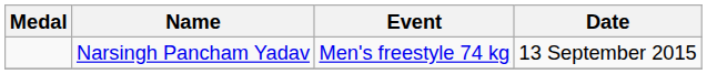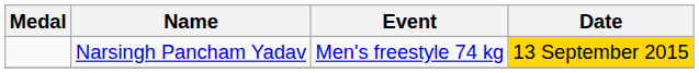 <table class="wikitable sortable" style="font-size:95%">
 <tr>
 <th>Medal</th>
 <th>Name</th>
 <th>Event</th>
 <th>Date</th>
 </tr>
 <tr>
 <td></td>
 <td><a href='#'>Narsingh Pancham Yadav</a></td>
 <td><a href='#'>Men's freestyle 74 kg</a></td>
-<td>13 September 2015</td>
+<td style="background: gold;">13 September 2015</td>
 </tr>
 <tr>
 </tr>
 </table>
